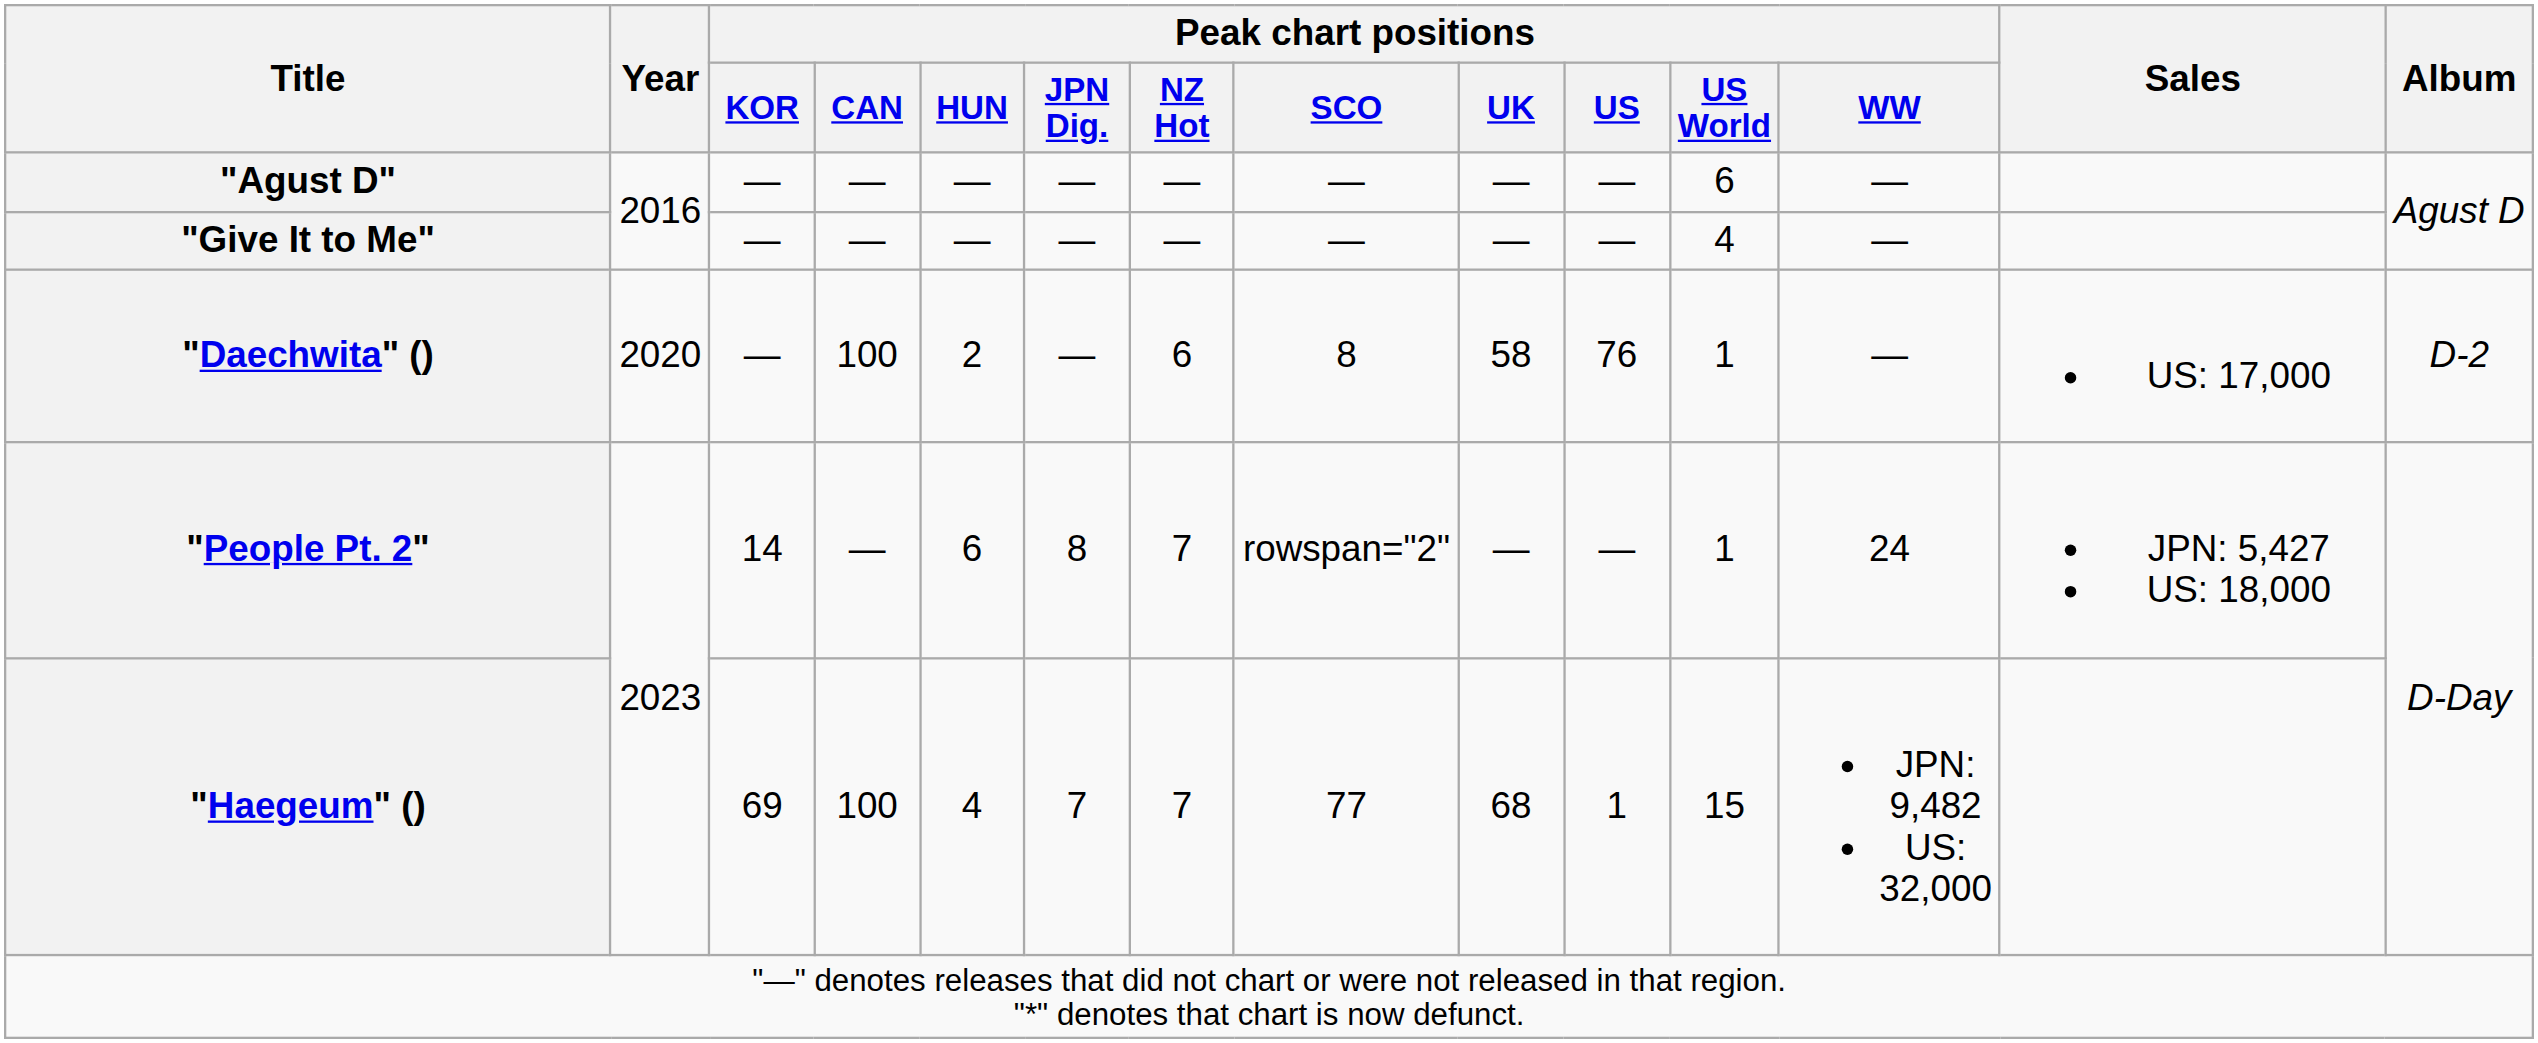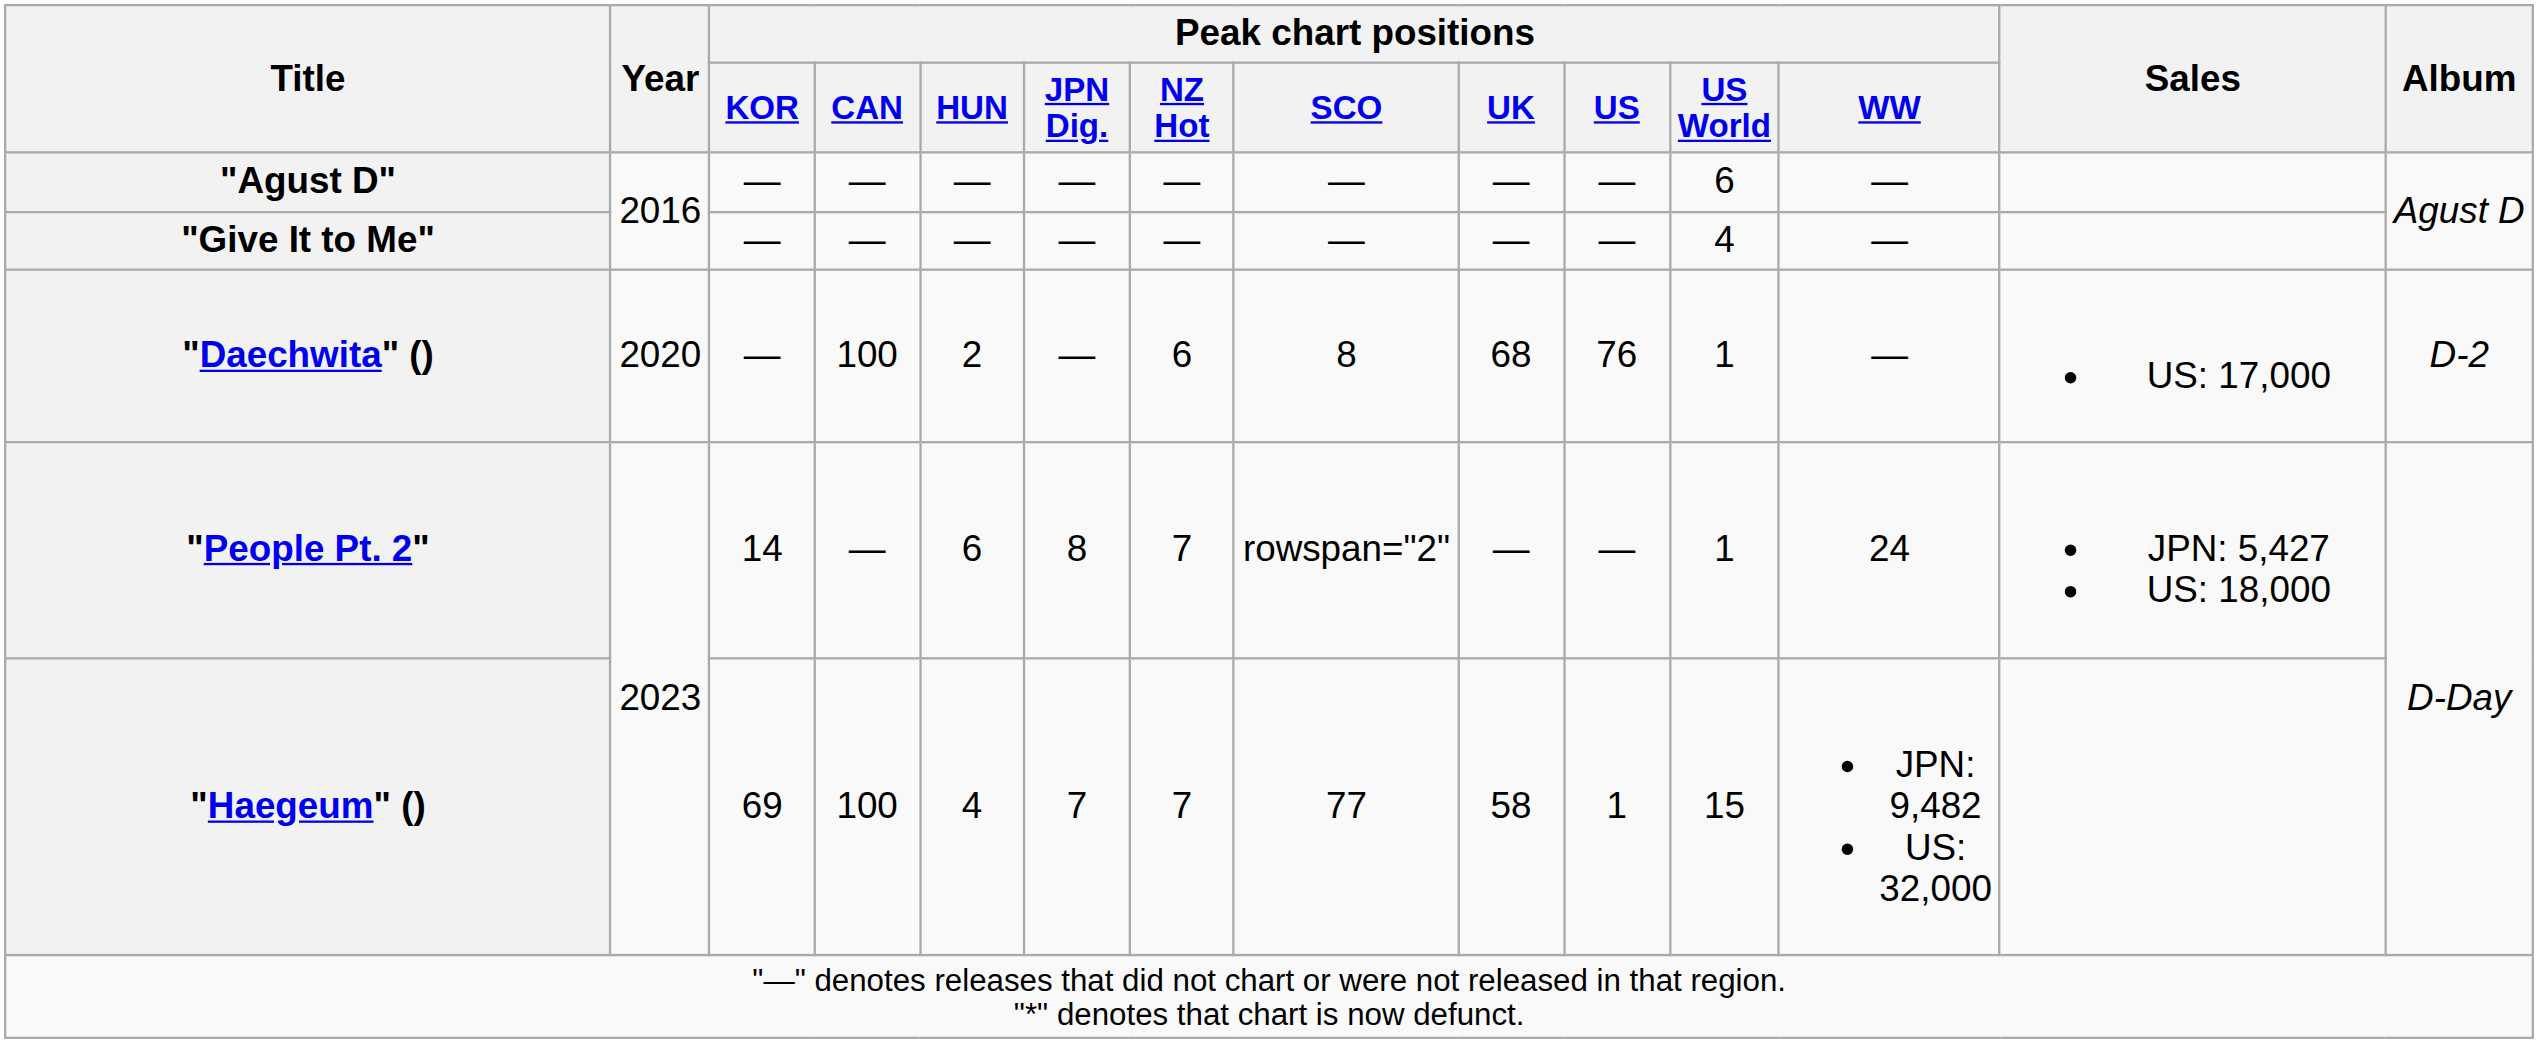 <table class="wikitable plainrowheaders" style="text-align:center;" border="1">
 <tr>
 <th scope=col rowspan="2" style="width:16em;">Title</th>
 <th scope=col rowspan="2">Year</th>
 <th scope="col" colspan="10">Peak chart positions</th>
 <th scope="col" rowspan="2" style="width:10em;">Sales</th>
 <th scope="col" rowspan="2">Album</th>
 </tr>
 <tr>
 <th scope="col" style="width:2.7em;font-size:90%;"><a href='#'>KOR</a><br></th>
 <th scope="col" style="width:2.7em;font-size:90%;"><a href='#'>CAN</a><br></th>
 <th scope="col" style="width:2.7em;font-size:90%;"><a href='#'>HUN</a><br></th>
 <th scope="col" style="width:2.7em;font-size:90%;"><a href='#'>JPN<br>Dig.</a><br></th>
 <th scope="col" style="width:2.7em;font-size:90%;"><a href='#'>NZ<br>Hot</a><br></th>
 <th scope="col" style="width:2.7em;font-size:90%;"><a href='#'>SCO</a><br></th>
 <th scope="col" style="width:2.7em;font-size:90%;"><a href='#'>UK</a><br></th>
 <th scope="col" style="width:2.75em;font-size:90%;"><a href='#'>US</a><br></th>
 <th scope="col" style="width:2.75em;font-size:90%;"><a href='#'>US<br>World</a><br></th>
 <th scope="col" style="width:2.75em;font-size:90%;"><a href='#'>WW</a><br></th>
 </tr>
 <tr>
 <th scope="row">"Agust D"</th>
 <td rowspan="2">2016</td>
 <td>—</td>
 <td>—</td>
 <td>—</td>
 <td>—</td>
 <td>—</td>
 <td>—</td>
 <td>—</td>
 <td>—</td>
 <td>6</td>
 <td>—</td>
 <td></td>
 <td rowspan="2"><em>Agust D</em></td>
 </tr>
 <tr>
 <th scope="row">"Give It to Me"</th>
 <td>—</td>
 <td>—</td>
 <td>—</td>
 <td>—</td>
 <td>—</td>
 <td>—</td>
 <td>—</td>
 <td>—</td>
 <td>4</td>
 <td>—</td>
 <td></td>
 </tr>
 <tr>
 <th scope="row">"<a href='#'>Daechwita</a>" ()</th>
 <td>2020</td>
 <td>—</td>
 <td>100</td>
 <td>2</td>
 <td>—</td>
 <td>6</td>
 <td>8</td>
-<td>58</td>
+<td>68</td>
 <td>76</td>
 <td>1</td>
 <td>—</td>
 <td><br><ul><li>US: 17,000</li></ul></td>
 <td><em>D-2</em></td>
 </tr>
 <tr>
 <th scope="row">"<a href='#'>People Pt. 2</a>"<br></th>
 <td rowspan="2">2023</td>
 <td>14</td>
 <td>—</td>
 <td>6</td>
 <td>8</td>
 <td>7</td>
 <td>rowspan="2" </td>
 <td>—</td>
 <td>—</td>
 <td>1</td>
 <td>24</td>
 <td><br><ul><li>JPN: 5,427</li><li>US: 18,000</li></ul></td>
 <td rowspan="2"><em>D-Day</em></td>
 </tr>
 <tr>
 <th scope="row">"<a href='#'>Haegeum</a>" ()</th>
 <td>69</td>
 <td>100</td>
 <td>4</td>
 <td>7</td>
 <td>7</td>
 <td>77</td>
-<td>68</td>
+<td>58</td>
 <td>1</td>
 <td>15</td>
 <td><br><ul><li>JPN: 9,482</li><li>US: 32,000</li></ul></td>
 </tr>
 <tr>
 <td colspan="14" style="font-size:85%">"—" denotes releases that did not chart or were not released in that region.<br>"*" denotes that chart is now defunct.</td>
 </tr>
 </table>
